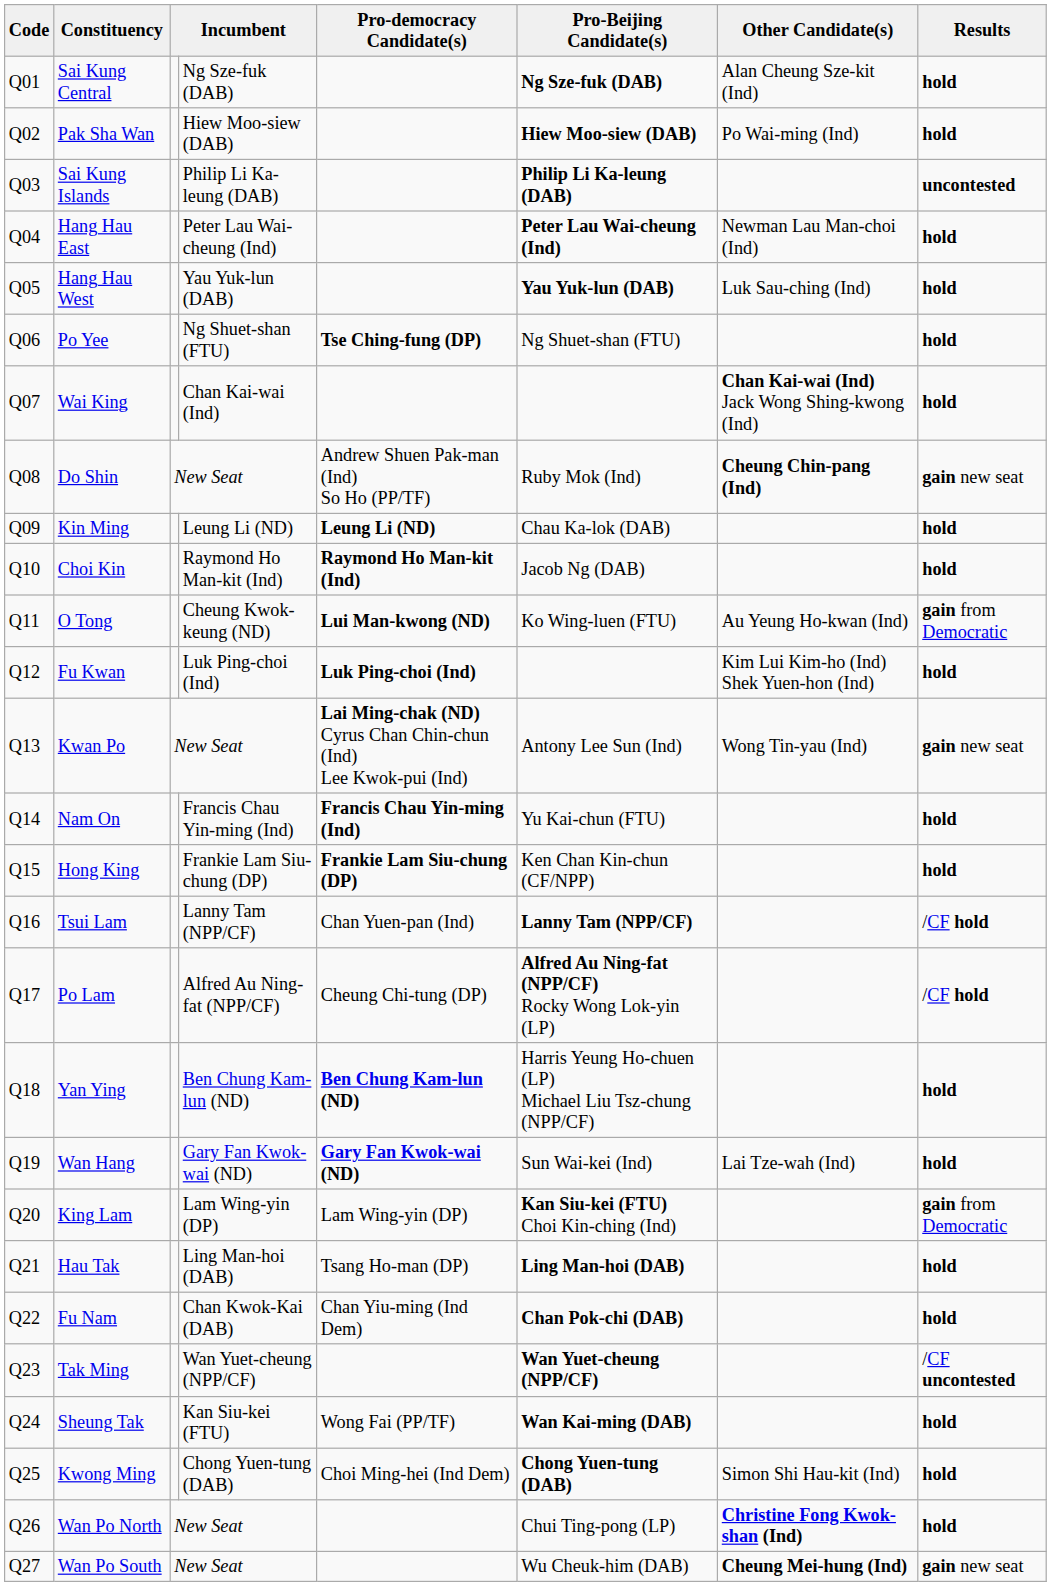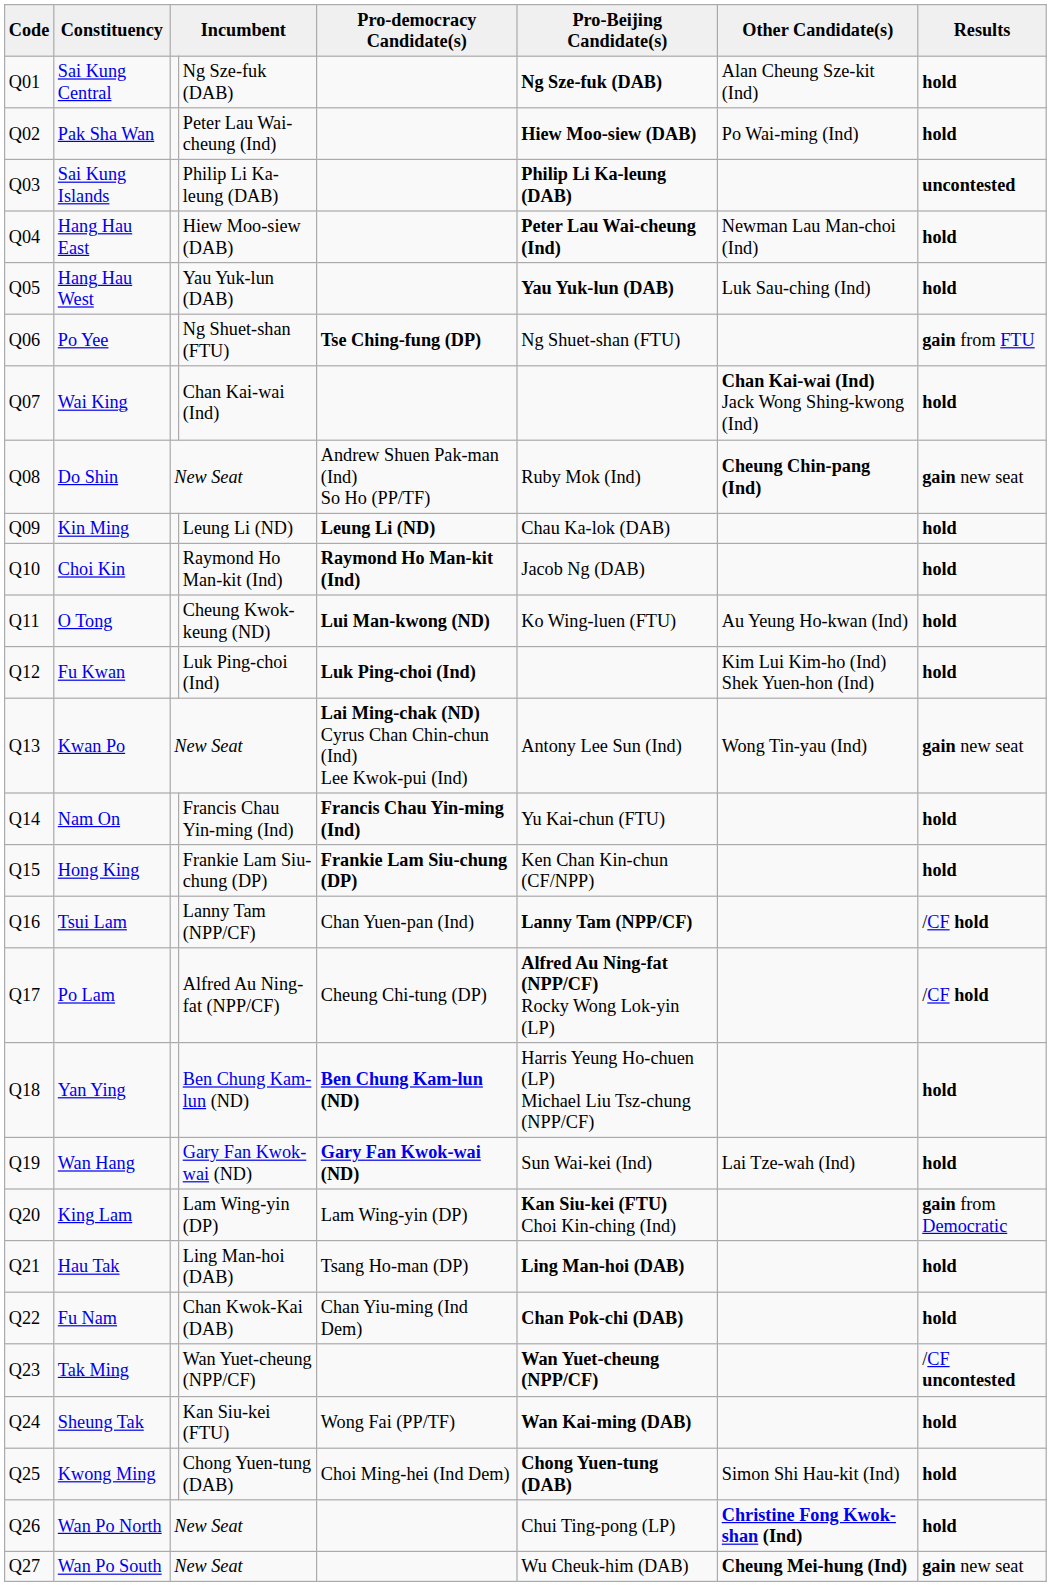 <table class="wikitable sortable" style="font-size: 95%;">
 <tr>
 <th align="center" style="background:#f0f0f0;" width="20px"><strong>Code</strong></th>
 <th align="center" style="background:#f0f0f0;" width="90px"><strong>Constituency</strong></th>
 <th align="center" style="background:#f0f0f0;" width="120px" colspan=2><strong>Incumbent</strong></th>
 <th align="center" style="background:#f0f0f0;" width="160px"><strong>Pro-democracy Candidate(s)</strong></th>
 <th align="center" style="background:#f0f0f0;" width="160px"><strong>Pro-Beijing Candidate(s)</strong></th>
 <th align="center" style="background:#f0f0f0;" width="160px"><strong>Other Candidate(s)</strong></th>
 <th align="center" style="background:#f0f0f0;" width="100px" colspan="2"><strong>Results</strong></th>
 </tr>
 <tr>
 <td>Q01</td>
 <td><a href='#'>Sai Kung Central</a></td>
 <td></td>
 <td>Ng Sze-fuk (DAB)</td>
 <td></td>
 <td><strong>Ng Sze-fuk (DAB)</strong></td>
 <td>Alan Cheung Sze-kit (Ind)</td>
 <td> <strong>hold</strong></td>
 </tr>
 <tr>
 <td>Q02</td>
 <td><a href='#'>Pak Sha Wan</a></td>
 <td></td>
-<td>Hiew Moo-siew (DAB)</td>
+<td>Peter Lau Wai-cheung (Ind)</td>
 <td></td>
 <td><strong>Hiew Moo-siew (DAB)</strong></td>
 <td>Po Wai-ming (Ind)</td>
 <td> <strong>hold</strong></td>
 </tr>
 <tr>
 <td>Q03</td>
 <td><a href='#'>Sai Kung Islands</a></td>
 <td></td>
 <td>Philip Li Ka-leung (DAB)</td>
 <td></td>
 <td><strong>Philip Li Ka-leung (DAB)</strong></td>
 <td></td>
 <td> <strong>uncontested</strong></td>
 </tr>
 <tr>
 <td>Q04</td>
 <td><a href='#'>Hang Hau East</a></td>
 <td></td>
-<td>Peter Lau Wai-cheung (Ind)</td>
+<td>Hiew Moo-siew (DAB)</td>
 <td></td>
 <td><strong>Peter Lau Wai-cheung (Ind)</strong></td>
 <td>Newman Lau Man-choi (Ind)</td>
 <td> <strong>hold</strong></td>
 </tr>
 <tr>
 <td>Q05</td>
 <td><a href='#'>Hang Hau West</a></td>
 <td></td>
 <td>Yau Yuk-lun (DAB)</td>
 <td></td>
 <td><strong>Yau Yuk-lun (DAB)</strong></td>
 <td>Luk Sau-ching (Ind)</td>
 <td> <strong>hold</strong></td>
 </tr>
 <tr>
 <td>Q06</td>
 <td><a href='#'>Po Yee</a></td>
 <td></td>
 <td>Ng Shuet-shan (FTU)</td>
 <td><strong>Tse Ching-fung (DP)</strong></td>
 <td>Ng Shuet-shan (FTU)</td>
 <td></td>
-<td> <strong>hold</strong></td>
+<td> <strong>gain</strong> from <a href='#'>FTU</a></td>
 </tr>
 <tr>
 <td>Q07</td>
 <td><a href='#'>Wai King</a></td>
 <td></td>
 <td>Chan Kai-wai (Ind)</td>
 <td></td>
 <td></td>
 <td><strong>Chan Kai-wai (Ind)</strong><br>Jack Wong Shing-kwong (Ind)</td>
 <td> <strong>hold</strong></td>
 </tr>
 <tr>
 <td>Q08</td>
 <td><a href='#'>Do Shin</a></td>
 <td colspan=2><em>New Seat</em></td>
 <td>Andrew Shuen Pak-man (Ind)<br>So Ho (PP/TF)</td>
 <td>Ruby Mok (Ind)</td>
 <td><strong>Cheung Chin-pang (Ind)</strong></td>
 <td> <strong>gain</strong> new seat</td>
 </tr>
 <tr>
 <td>Q09</td>
 <td><a href='#'>Kin Ming</a></td>
 <td></td>
 <td>Leung Li (ND)</td>
 <td><strong>Leung Li (ND)</strong></td>
 <td>Chau Ka-lok (DAB)</td>
 <td></td>
 <td> <strong>hold</strong></td>
 </tr>
 <tr>
 <td>Q10</td>
 <td><a href='#'>Choi Kin</a></td>
 <td></td>
 <td>Raymond Ho Man-kit (Ind)</td>
 <td><strong>Raymond Ho Man-kit (Ind)</strong></td>
 <td>Jacob Ng (DAB)</td>
 <td></td>
 <td> <strong>hold</strong></td>
 </tr>
 <tr>
 <td>Q11</td>
 <td><a href='#'>O Tong</a></td>
 <td></td>
 <td>Cheung Kwok-keung (ND)</td>
 <td><strong>Lui Man-kwong (ND)</strong></td>
 <td>Ko Wing-luen (FTU)</td>
 <td>Au Yeung Ho-kwan (Ind)</td>
-<td> <strong>gain</strong> from <a href='#'>Democratic</a></td>
+<td> <strong>hold</strong></td>
 </tr>
 <tr>
 <td>Q12</td>
 <td><a href='#'>Fu Kwan</a></td>
 <td></td>
 <td>Luk Ping-choi (Ind)</td>
 <td><strong>Luk Ping-choi (Ind)</strong></td>
 <td></td>
 <td>Kim Lui Kim-ho (Ind)<br>Shek Yuen-hon (Ind)</td>
 <td> <strong>hold</strong></td>
 </tr>
 <tr>
 <td>Q13</td>
 <td><a href='#'>Kwan Po</a></td>
 <td colspan=2><em>New Seat</em></td>
 <td><strong>Lai Ming-chak (ND)</strong><br>Cyrus Chan Chin-chun (Ind)<br>Lee Kwok-pui (Ind)</td>
 <td>Antony Lee Sun (Ind)</td>
 <td>Wong Tin-yau (Ind)</td>
 <td> <strong>gain</strong> new seat</td>
 </tr>
 <tr>
 <td>Q14</td>
 <td><a href='#'>Nam On</a></td>
 <td></td>
 <td>Francis Chau Yin-ming (Ind)</td>
 <td><strong>Francis Chau Yin-ming (Ind)</strong></td>
 <td>Yu Kai-chun (FTU)</td>
 <td></td>
 <td> <strong>hold</strong></td>
 </tr>
 <tr>
 <td>Q15</td>
 <td><a href='#'>Hong King</a></td>
 <td></td>
 <td>Frankie Lam Siu-chung (DP)</td>
 <td><strong>Frankie Lam Siu-chung (DP)</strong></td>
 <td>Ken Chan Kin-chun (CF/NPP)</td>
 <td></td>
 <td> <strong>hold</strong></td>
 </tr>
 <tr>
 <td>Q16</td>
 <td><a href='#'>Tsui Lam</a></td>
 <td></td>
 <td>Lanny Tam (NPP/CF)</td>
 <td>Chan Yuen-pan (Ind)</td>
 <td><strong>Lanny Tam (NPP/CF)</strong></td>
 <td></td>
 <td>/<a href='#'>CF</a> <strong>hold</strong></td>
 </tr>
 <tr>
 <td>Q17</td>
 <td><a href='#'>Po Lam</a></td>
 <td></td>
 <td>Alfred Au Ning-fat (NPP/CF)</td>
 <td>Cheung Chi-tung (DP)</td>
 <td><strong>Alfred Au Ning-fat (NPP/CF)</strong><br>Rocky Wong Lok-yin (LP)</td>
 <td></td>
 <td>/<a href='#'>CF</a> <strong>hold</strong></td>
 </tr>
 <tr>
 <td>Q18</td>
 <td><a href='#'>Yan Ying</a></td>
 <td></td>
 <td><a href='#'>Ben Chung Kam-lun</a> (ND)</td>
 <td><strong><a href='#'>Ben Chung Kam-lun</a> (ND)</strong></td>
 <td>Harris Yeung Ho-chuen (LP)<br>Michael Liu Tsz-chung (NPP/CF)</td>
 <td></td>
 <td> <strong>hold</strong></td>
 </tr>
 <tr>
 <td>Q19</td>
 <td><a href='#'>Wan Hang</a></td>
 <td></td>
 <td><a href='#'>Gary Fan Kwok-wai</a> (ND)</td>
 <td><strong><a href='#'>Gary Fan Kwok-wai</a> (ND)</strong></td>
 <td>Sun Wai-kei (Ind)</td>
 <td>Lai Tze-wah (Ind)</td>
 <td> <strong>hold</strong></td>
 </tr>
 <tr>
 <td>Q20</td>
 <td><a href='#'>King Lam</a></td>
 <td></td>
 <td>Lam Wing-yin (DP)</td>
 <td>Lam Wing-yin (DP)</td>
 <td><strong>Kan Siu-kei (FTU)</strong><br>Choi Kin-ching (Ind)</td>
 <td></td>
 <td> <strong>gain</strong> from <a href='#'>Democratic</a></td>
 </tr>
 <tr>
 <td>Q21</td>
 <td><a href='#'>Hau Tak</a></td>
 <td></td>
 <td>Ling Man-hoi (DAB)</td>
 <td>Tsang Ho-man (DP)</td>
 <td><strong>Ling Man-hoi (DAB)</strong></td>
 <td></td>
 <td> <strong>hold</strong></td>
 </tr>
 <tr>
 <td>Q22</td>
 <td><a href='#'>Fu Nam</a></td>
 <td></td>
 <td>Chan Kwok-Kai (DAB)</td>
 <td>Chan Yiu-ming (Ind Dem)</td>
 <td><strong>Chan Pok-chi (DAB)</strong></td>
 <td></td>
 <td> <strong>hold</strong></td>
 </tr>
 <tr>
 <td>Q23</td>
 <td><a href='#'>Tak Ming</a></td>
 <td></td>
 <td>Wan Yuet-cheung (NPP/CF)</td>
 <td></td>
 <td><strong>Wan Yuet-cheung (NPP/CF)</strong></td>
 <td></td>
 <td>/<a href='#'>CF</a> <strong>uncontested</strong></td>
 </tr>
 <tr>
 <td>Q24</td>
 <td><a href='#'>Sheung Tak</a></td>
 <td></td>
 <td>Kan Siu-kei (FTU)</td>
 <td>Wong Fai (PP/TF)</td>
 <td><strong>Wan Kai-ming (DAB)</strong></td>
 <td></td>
 <td> <strong>hold</strong></td>
 </tr>
 <tr>
 <td>Q25</td>
 <td><a href='#'>Kwong Ming</a></td>
 <td></td>
 <td>Chong Yuen-tung (DAB)</td>
 <td>Choi Ming-hei (Ind Dem)</td>
 <td><strong>Chong Yuen-tung (DAB)</strong></td>
 <td>Simon Shi Hau-kit (Ind)</td>
 <td> <strong>hold</strong></td>
 </tr>
 <tr>
 <td>Q26</td>
 <td><a href='#'>Wan Po North</a></td>
 <td colspan=2><em>New Seat</em></td>
 <td></td>
 <td>Chui Ting-pong (LP)</td>
 <td><strong><a href='#'>Christine Fong Kwok-shan</a> (Ind)</strong></td>
 <td> <strong>hold</strong></td>
 </tr>
 <tr>
 <td>Q27</td>
 <td><a href='#'>Wan Po South</a></td>
 <td colspan=2><em>New Seat</em></td>
 <td></td>
 <td>Wu Cheuk-him (DAB)</td>
 <td><strong>Cheung Mei-hung (Ind)</strong></td>
 <td> <strong>gain</strong> new seat</td>
 </tr>
 </table>
